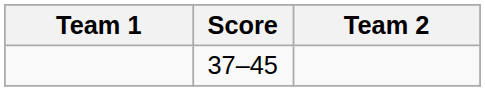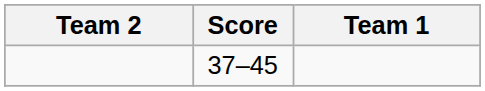 <table class="wikitable" style="text-align: center; font-size:90% ">
 <tr>
+<th align="left" width="100">Team 2</th>
+<th width="50">Score</th>
 <th align="right" width="100">Team 1</th>
-<th width="50">Score</th>
-<th align="left" width="100">Team 2</th>
 </tr>
 <tr>
+<td align=left><strong></strong></td>
+<td align=center>37–45</td>
 <td align=right></td>
-<td align=center>37–45</td>
-<td align=left><strong></strong></td>
 </tr>
 </table>
